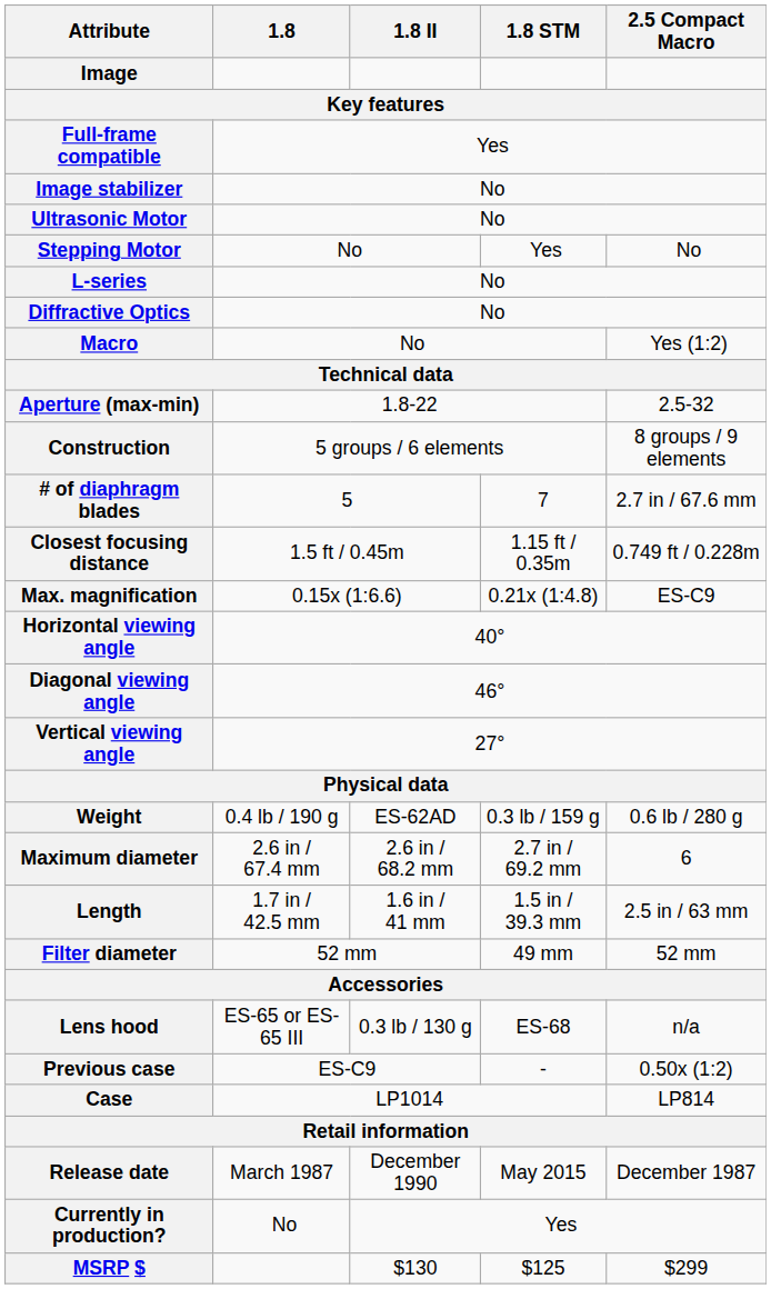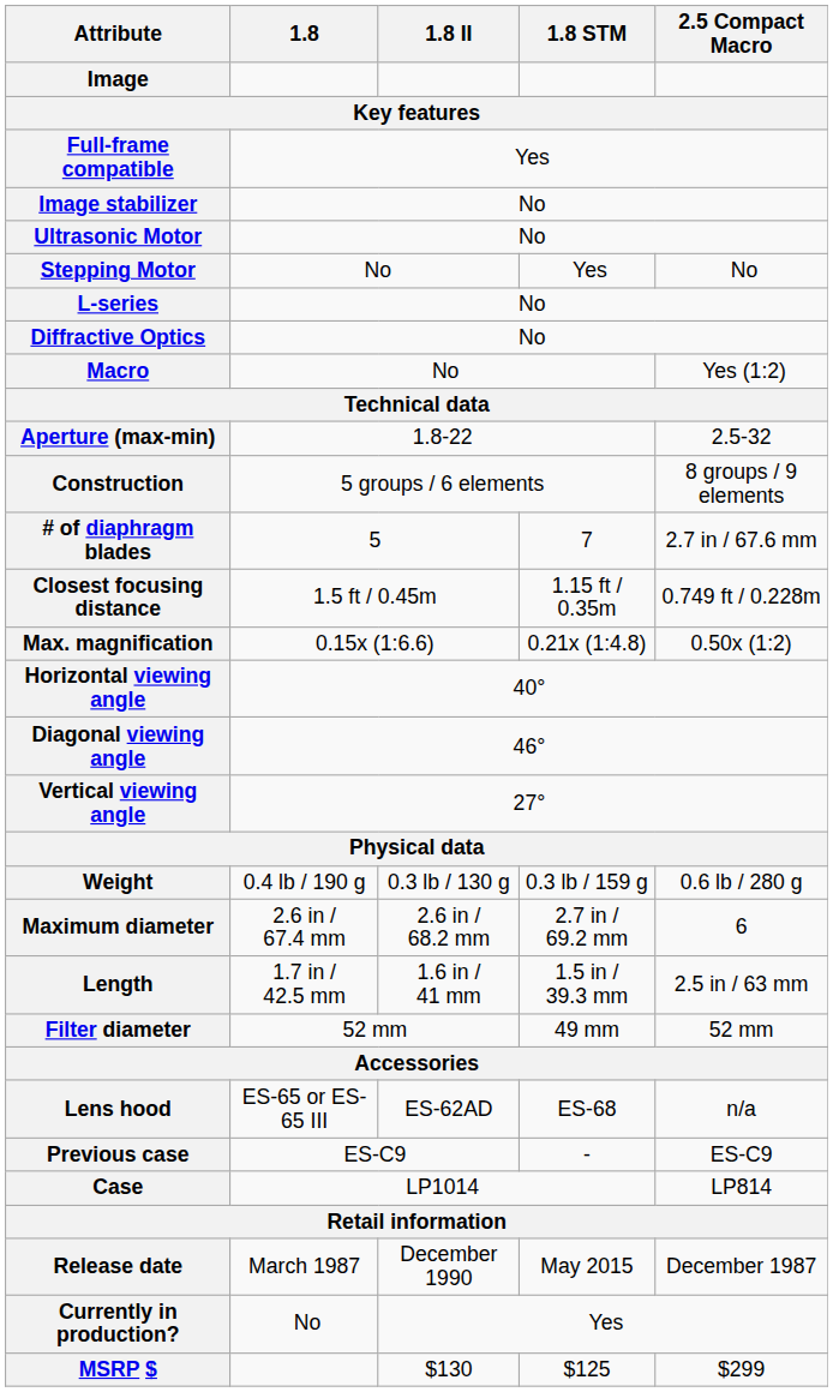 <table class="wikitable" style="margin: 1em auto; text-align:center;">
 <tr>
 <th>Attribute</th>
 <th>1.8</th>
 <th>1.8 II</th>
 <th>1.8 STM</th>
 <th>2.5 Compact Macro</th>
 </tr>
 <tr>
 <th>Image</th>
 <td></td>
 <td></td>
 <td></td>
 <td></td>
 </tr>
 <tr>
 <th colspan=5>Key features</th>
 </tr>
 <tr>
 <th><a href='#'>Full-frame compatible</a></th>
 <td colspan=4> Yes</td>
 </tr>
 <tr>
 <th><a href='#'>Image stabilizer</a></th>
 <td colspan=4> No</td>
 </tr>
 <tr>
 <th><a href='#'>Ultrasonic Motor</a></th>
 <td colspan=4> No</td>
 </tr>
 <tr>
 <th><a href='#'>Stepping Motor</a></th>
 <td colspan=2> No</td>
 <td> Yes</td>
 <td> No</td>
 </tr>
 <tr>
 <th><a href='#'>L-series</a></th>
 <td colspan=4> No</td>
 </tr>
 <tr>
 <th><a href='#'>Diffractive Optics</a></th>
 <td colspan=4> No</td>
 </tr>
 <tr>
 <th><a href='#'>Macro</a></th>
 <td colspan=3> No</td>
 <td> Yes (1:2)</td>
 </tr>
 <tr>
 <th colspan=5>Technical data</th>
 </tr>
 <tr>
 <th><a href='#'>Aperture</a> (max-min)</th>
 <td colspan=3>1.8-22</td>
 <td>2.5-32</td>
 </tr>
 <tr>
 <th>Construction</th>
 <td colspan=3>5 groups / 6 elements</td>
 <td>8 groups / 9 elements</td>
 </tr>
 <tr>
 <th># of <a href='#'>diaphragm</a> blades</th>
 <td colspan=2>5</td>
 <td>7</td>
 <td>2.7 in / 67.6 mm</td>
 </tr>
 <tr>
 <th>Closest focusing distance</th>
 <td colspan=2>1.5 ft / 0.45m</td>
 <td>1.15 ft / 0.35m</td>
 <td>0.749 ft / 0.228m</td>
 </tr>
 <tr>
 <th>Max. magnification</th>
 <td colspan=2>0.15x (1:6.6)</td>
 <td>0.21x (1:4.8)</td>
-<td>ES-C9</td>
+<td>0.50x (1:2)</td>
 </tr>
 <tr>
 <th>Horizontal <a href='#'>viewing angle</a></th>
 <td colspan=4>40°</td>
 </tr>
 <tr>
 <th>Diagonal <a href='#'>viewing angle</a></th>
 <td colspan=4>46°</td>
 </tr>
 <tr>
 <th>Vertical <a href='#'>viewing angle</a></th>
 <td colspan=4>27°</td>
 </tr>
 <tr>
 <th colspan=5>Physical data</th>
 </tr>
 <tr>
 <th>Weight</th>
 <td>0.4 lb / 190 g</td>
-<td>ES-62AD</td>
+<td>0.3 lb / 130 g</td>
 <td>0.3 lb / 159 g</td>
 <td>0.6 lb / 280 g</td>
 </tr>
 <tr>
 <th>Maximum diameter</th>
 <td>2.6 in / 67.4 mm</td>
 <td>2.6 in / 68.2 mm</td>
 <td>2.7 in / 69.2 mm</td>
 <td>6</td>
 </tr>
 <tr>
 <th>Length</th>
 <td>1.7 in / 42.5 mm</td>
 <td>1.6 in / 41 mm</td>
 <td>1.5 in / 39.3 mm</td>
 <td>2.5 in / 63 mm</td>
 </tr>
 <tr>
 <th><a href='#'>Filter</a> diameter</th>
 <td colspan=2>52 mm</td>
 <td>49 mm</td>
 <td>52 mm</td>
 </tr>
 <tr>
 <th colspan=8>Accessories</th>
 </tr>
 <tr>
 <th>Lens hood</th>
 <td>ES-65 or ES-65 III</td>
-<td>0.3 lb / 130 g</td>
+<td>ES-62AD</td>
 <td>ES-68</td>
 <td>n/a</td>
 </tr>
 <tr>
 <th>Previous case</th>
 <td colspan=2>ES-C9</td>
 <td>-</td>
-<td>0.50x (1:2)</td>
+<td>ES-C9</td>
 </tr>
 <tr>
 <th>Case</th>
 <td colspan=3>LP1014</td>
 <td>LP814</td>
 </tr>
 <tr>
 <th colspan=5>Retail information</th>
 </tr>
 <tr>
 <th>Release date</th>
 <td>March 1987</td>
 <td>December 1990</td>
 <td>May 2015</td>
 <td>December 1987</td>
 </tr>
 <tr>
 <th>Currently in production?</th>
 <td> No</td>
 <td colspan=3> Yes</td>
 </tr>
 <tr>
 <th><a href='#'>MSRP</a> <a href='#'>$</a></th>
 <td></td>
 <td>$130</td>
 <td>$125</td>
 <td>$299</td>
 </tr>
 </table>
